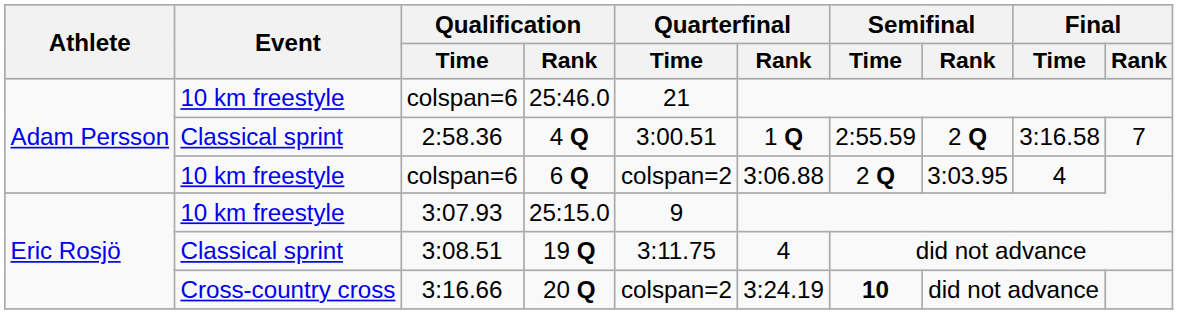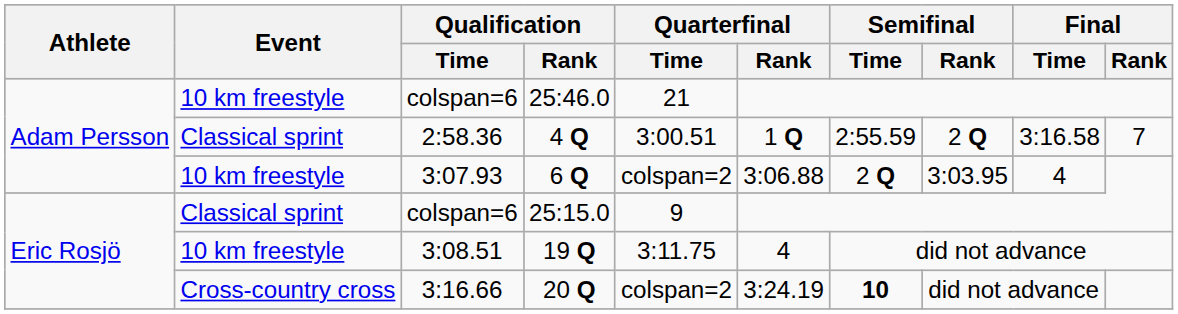 <table class="wikitable" style="font-size:90%">
 <tr>
 <th rowspan="2">Athlete</th>
 <th rowspan="2">Event</th>
 <th colspan="2">Qualification</th>
 <th colspan="2">Quarterfinal</th>
 <th colspan="2">Semifinal</th>
 <th colspan="2">Final</th>
 </tr>
 <tr style="font-size:95%">
 <th>Time</th>
 <th>Rank</th>
 <th>Time</th>
 <th>Rank</th>
 <th>Time</th>
 <th>Rank</th>
 <th>Time</th>
 <th>Rank</th>
 </tr>
 <tr align=center>
 <td align=left rowspan=3><a href='#'>Adam Persson</a></td>
 <td align=left><a href='#'>10 km freestyle</a></td>
 <td>colspan=6 </td>
 <td>25:46.0</td>
 <td>21</td>
 </tr>
 <tr align=center>
 <td align=left><a href='#'>Classical sprint</a></td>
 <td>2:58.36</td>
 <td>4 <strong>Q</strong></td>
 <td>3:00.51</td>
 <td>1 <strong>Q</strong></td>
 <td>2:55.59</td>
 <td>2 <strong>Q</strong></td>
 <td>3:16.58</td>
 <td>7</td>
 </tr>
 <tr align=center>
 <td align=left><a href='#'>10 km freestyle</a></td>
-<td>colspan=6 </td>
+<td>3:07.93</td>
 <td>6 <strong>Q</strong></td>
 <td>colspan=2 </td>
 <td>3:06.88</td>
 <td>2 <strong>Q</strong></td>
 <td>3:03.95</td>
 <td>4</td>
 </tr>
 <tr align=center>
 <td align=left rowspan=3><a href='#'>Eric Rosjö</a></td>
-<td align=left><a href='#'>10 km freestyle</a></td>
-<td>3:07.93</td>
+<td align=left><a href='#'>Classical sprint</a></td>
+<td>colspan=6 </td>
 <td>25:15.0</td>
 <td>9</td>
 </tr>
 <tr align=center>
-<td align=left><a href='#'>Classical sprint</a></td>
+<td align=left><a href='#'>10 km freestyle</a></td>
 <td>3:08.51</td>
 <td>19 <strong>Q</strong></td>
 <td>3:11.75</td>
 <td>4</td>
 <td colspan=4>did not advance</td>
 </tr>
 <tr align=center>
 <td align=left><a href='#'>Cross-country cross</a></td>
 <td>3:16.66</td>
 <td>20 <strong>Q</strong></td>
 <td>colspan=2 </td>
 <td>3:24.19</td>
 <td><strong>10</strong></td>
 <td colspan="2">did not advance</td>
 </tr>
 </table>
